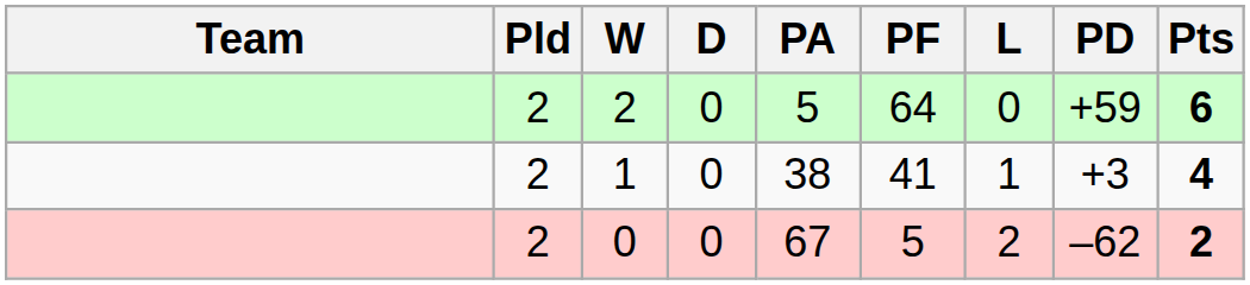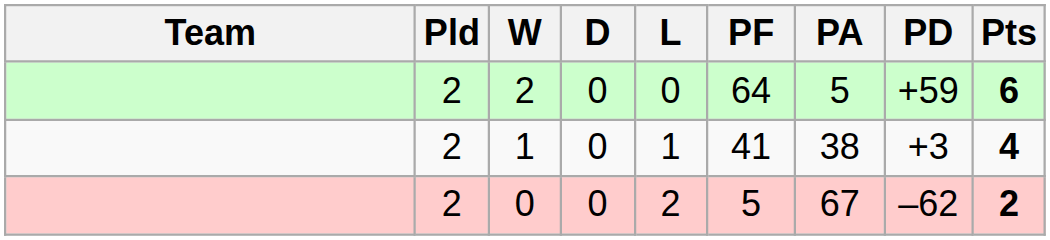 <table class="wikitable" style="text-align:center;">
 <tr>
 <th width=175>Team</th>
 <th width=25 abbr="Played">Pld</th>
 <th width=25 abbr="Won">W</th>
 <th width=25 abbr="Drawn">D</th>
+<th width=25 abbr="Lost">L</th>
+<th width=32 abbr="Points for">PF</th>
 <th width=32 abbr="Points against">PA</th>
-<th width=32 abbr="Points for">PF</th>
-<th width=25 abbr="Lost">L</th>
 <th width=32 abbr="Points difference">PD</th>
 <th width=25 abbr="Points">Pts</th>
 </tr>
 <tr style="background:#ccffcc">
 <td align=left></td>
 <td>2</td>
 <td>2</td>
 <td>0</td>
+<td>0</td>
+<td>64</td>
 <td>5</td>
-<td>64</td>
-<td>0</td>
 <td>+59</td>
 <td><strong>6</strong></td>
 </tr>
 <tr>
 <td align=left></td>
 <td>2</td>
 <td>1</td>
 <td>0</td>
+<td>1</td>
+<td>41</td>
 <td>38</td>
-<td>41</td>
-<td>1</td>
 <td>+3</td>
 <td><strong>4</strong></td>
 </tr>
 <tr style="background:#ffcccc">
 <td align=left></td>
 <td>2</td>
 <td>0</td>
 <td>0</td>
+<td>2</td>
+<td>5</td>
 <td>67</td>
-<td>5</td>
-<td>2</td>
 <td>–62</td>
 <td><strong>2</strong></td>
 </tr>
 </table>
